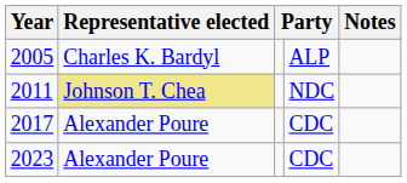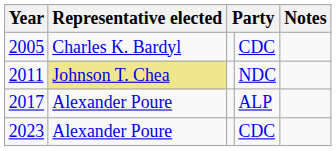 <table class="wikitable">
 <tr>
 <th>Year</th>
 <th>Representative elected</th>
 <th colspan=2>Party</th>
 <th>Notes</th>
 </tr>
 <tr>
 <td><a href='#'>2005</a></td>
 <td><a href='#'>Charles K. Bardyl</a></td>
 <td></td>
-<td><a href='#'>ALP</a></td>
+<td><a href='#'>CDC</a></td>
 <td></td>
 </tr>
 <tr>
 <td><a href='#'>2011</a></td>
 <td style="background: khaki;"><a href='#'>Johnson T. Chea</a></td>
 <td></td>
 <td><a href='#'>NDC</a></td>
 <td></td>
 </tr>
 <tr>
 <td><a href='#'>2017</a></td>
 <td><a href='#'>Alexander Poure</a></td>
 <td></td>
-<td><a href='#'>CDC</a></td>
+<td><a href='#'>ALP</a></td>
 <td></td>
 </tr>
 <tr>
 <td><a href='#'>2023</a></td>
 <td><a href='#'>Alexander Poure</a></td>
 <td></td>
 <td><a href='#'>CDC</a></td>
 <td></td>
 </tr>
 </table>
